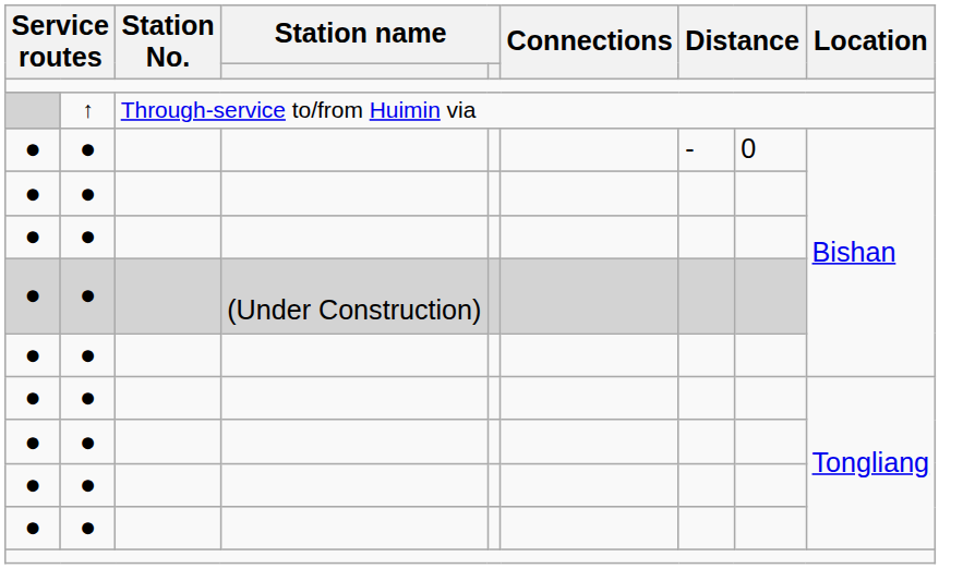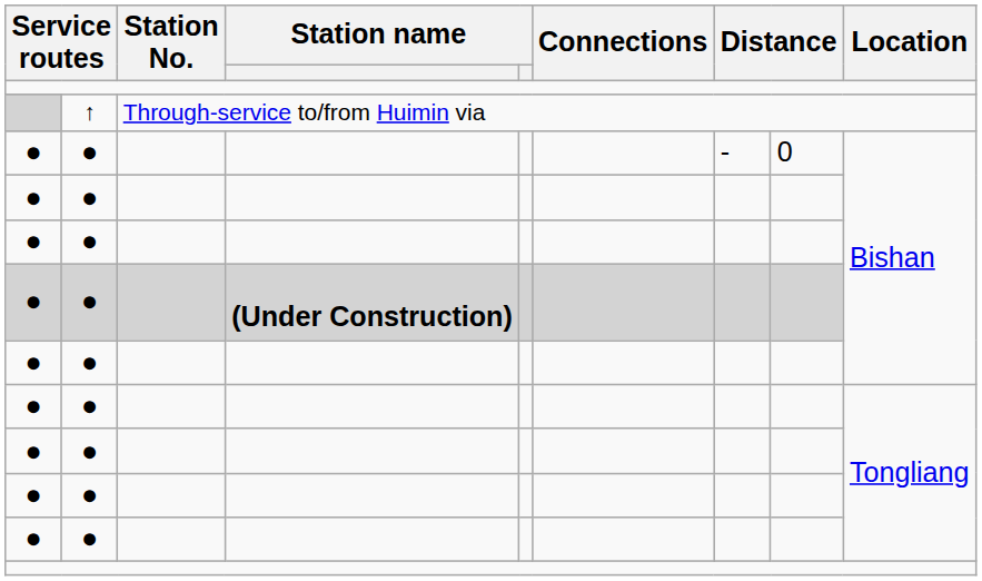 <table class="wikitable">
 <tr>
 <th colspan="2" rowspan="2">Service<br>routes</th>
 <th rowspan="2">Station<br>No.</th>
 <th colspan="2">Station name</th>
 <th rowspan="2">Connections</th>
 <th colspan="2" rowspan="2">Distance<br></th>
 <th rowspan="2">Location</th>
 </tr>
 <tr>
 <th></th>
 <th></th>
 </tr>
 <tr style="background:#">
 <td colspan = "10"></td>
 </tr>
 <tr style="font-size:smaller">
 <td align="center" style="background:lightgrey"></td>
 <td align="center" style="background:#">↑</td>
 <td colspan="8"><a href='#'>Through-service</a> to/from <a href='#'>Huimin</a> via </td>
 </tr>
 <tr>
 <td align="center">●</td>
 <td align="center">●</td>
 <td></td>
 <td></td>
 <td></td>
 <td><br></td>
 <td>-</td>
 <td>0</td>
 <td rowspan="5"><a href='#'>Bishan</a></td>
 </tr>
 <tr>
 <td align="center">●</td>
 <td align="center">●</td>
 <td></td>
 <td></td>
 <td></td>
 <td></td>
 <td></td>
 <td></td>
 </tr>
 <tr>
 <td align="center">●</td>
 <td align="center">●</td>
 <td></td>
 <td></td>
 <td></td>
 <td></td>
 <td></td>
 <td></td>
 </tr>
 <tr bgcolor="lightgrey">
 <td align="center">●</td>
 <td align="center">●</td>
 <td></td>
-<td><br>(Under Construction)</td>
+<td><strong><br>(Under Construction)</strong></td>
 <td></td>
 <td></td>
 <td></td>
 <td></td>
 </tr>
 <tr>
 <td align="center">●</td>
 <td align="center">●</td>
 <td></td>
 <td></td>
 <td></td>
 <td></td>
 <td></td>
 <td></td>
 </tr>
 <tr>
 <td align="center">●</td>
 <td align="center">●</td>
 <td></td>
 <td></td>
 <td></td>
 <td></td>
 <td></td>
 <td></td>
 <td rowspan="4"><a href='#'>Tongliang</a></td>
 </tr>
 <tr>
 <td align="center">●</td>
 <td align="center">●</td>
 <td></td>
 <td></td>
 <td></td>
 <td></td>
 <td></td>
 <td></td>
 </tr>
 <tr>
 <td align="center">●</td>
 <td align="center">●</td>
 <td></td>
 <td></td>
 <td></td>
 <td></td>
 <td></td>
 <td></td>
 </tr>
 <tr>
 <td align="center">●</td>
 <td align="center">●</td>
 <td></td>
 <td></td>
 <td></td>
 <td></td>
 <td></td>
 <td></td>
 </tr>
 <tr style="background:#">
 <td colspan="10"></td>
 </tr>
 </table>
